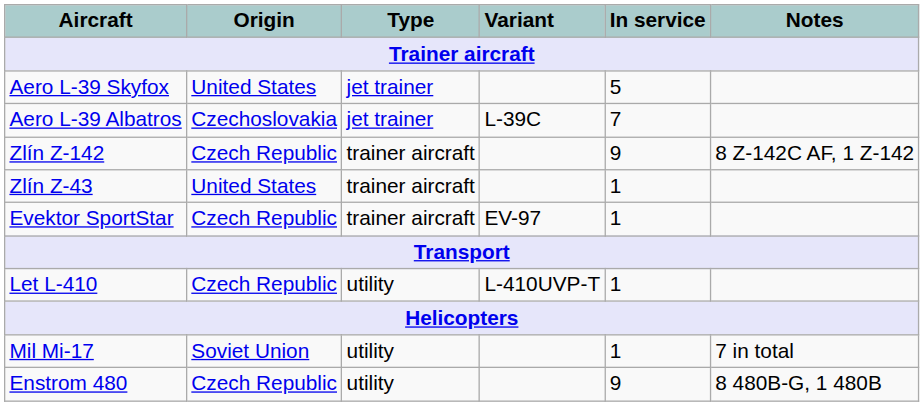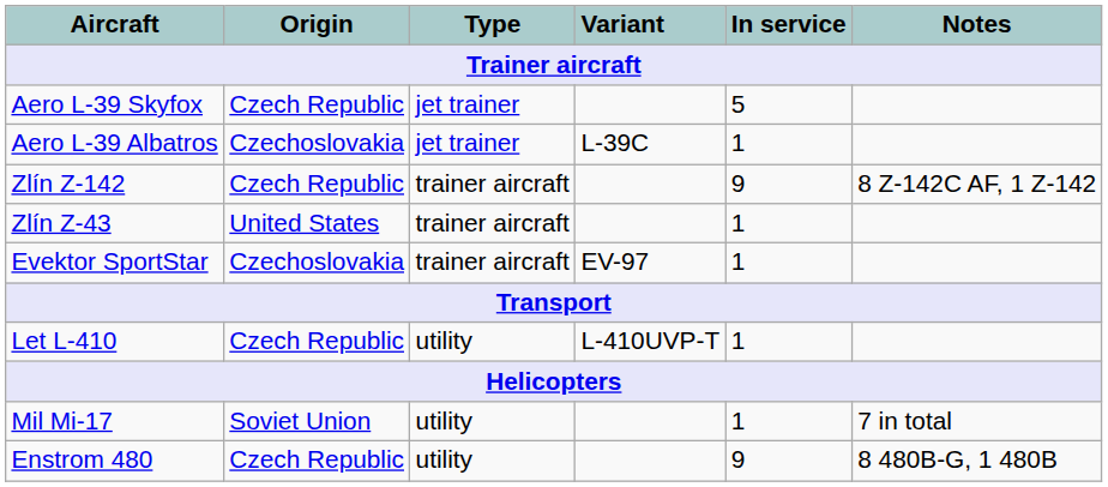 <table class="wikitable">
 <tr>
 <th style="text-align:center; background:#acc;">Aircraft</th>
 <th style="text-align: center; background:#acc;">Origin</th>
 <th style="text-align:l center; background:#acc;">Type</th>
 <th style="text-align:left; background:#acc;">Variant</th>
 <th style="text-align:center; background:#acc;">In service</th>
 <th style="text-align: center; background:#acc;">Notes</th>
 </tr>
 <tr>
 <th colspan="6" style="align: center; background: lavender;"><a href='#'>Trainer aircraft</a></th>
 </tr>
 <tr>
 <td><a href='#'>Aero L-39 Skyfox</a></td>
-<td><a href='#'>United States</a></td>
+<td><a href='#'>Czech Republic</a></td>
 <td><a href='#'>jet trainer</a></td>
 <td></td>
 <td>5</td>
 <td></td>
 </tr>
 <tr>
 <td><a href='#'>Aero L-39 Albatros</a></td>
 <td><a href='#'>Czechoslovakia</a></td>
 <td><a href='#'>jet trainer</a></td>
 <td>L-39C</td>
-<td>7</td>
+<td>1</td>
 <td></td>
 </tr>
 <tr>
 <td><a href='#'>Zlín Z-142</a></td>
 <td><a href='#'>Czech Republic</a></td>
 <td>trainer aircraft</td>
 <td></td>
 <td>9</td>
 <td>8 Z-142C AF, 1 Z-142</td>
 </tr>
 <tr>
 <td><a href='#'>Zlín Z-43</a></td>
 <td><a href='#'>United States</a></td>
 <td>trainer aircraft</td>
 <td></td>
 <td>1</td>
 <td></td>
 </tr>
 <tr>
 <td><a href='#'>Evektor SportStar</a></td>
-<td><a href='#'>Czech Republic</a></td>
+<td><a href='#'>Czechoslovakia</a></td>
 <td>trainer aircraft</td>
 <td>EV-97</td>
 <td>1</td>
 <td></td>
 </tr>
 <tr>
 <th colspan="6" style="align: center; background: lavender;"><a href='#'>Transport</a></th>
 </tr>
 <tr>
 <td><a href='#'>Let L-410</a></td>
 <td><a href='#'>Czech Republic</a></td>
 <td>utility</td>
 <td>L-410UVP-T</td>
 <td>1</td>
 <td></td>
 </tr>
 <tr>
 <th colspan="6" style="align: center; background: lavender;"><a href='#'>Helicopters</a></th>
 </tr>
 <tr>
 <td><a href='#'>Mil Mi-17</a></td>
 <td><a href='#'>Soviet Union</a></td>
 <td>utility</td>
 <td></td>
 <td>1</td>
 <td>7 in total</td>
 </tr>
 <tr>
 <td><a href='#'>Enstrom 480</a></td>
 <td><a href='#'>Czech Republic</a></td>
 <td>utility</td>
 <td></td>
 <td>9</td>
 <td>8 480B-G, 1 480B</td>
 </tr>
 </table>
